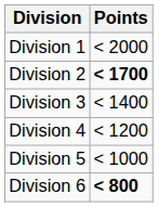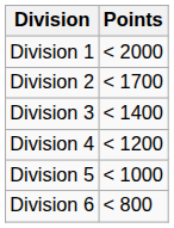 <table class="wikitable">
 <tr>
 <th>Division</th>
 <th>Points</th>
 </tr>
 <tr>
 <td>Division 1</td>
 <td>< 2000</td>
 </tr>
 <tr>
 <td>Division 2</td>
-<td><strong>< 1700</strong></td>
+<td>< 1700</td>
 </tr>
 <tr>
 <td>Division 3</td>
 <td>< 1400</td>
 </tr>
 <tr>
 <td>Division 4</td>
 <td>< 1200</td>
 </tr>
 <tr>
 <td>Division 5</td>
 <td>< 1000</td>
 </tr>
 <tr>
 <td>Division 6</td>
-<td><strong>< 800</strong></td>
+<td>< 800</td>
 </tr>
 </table>
